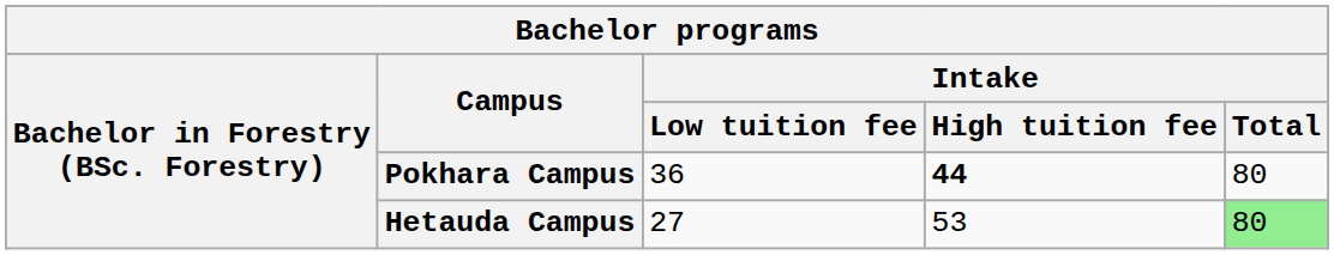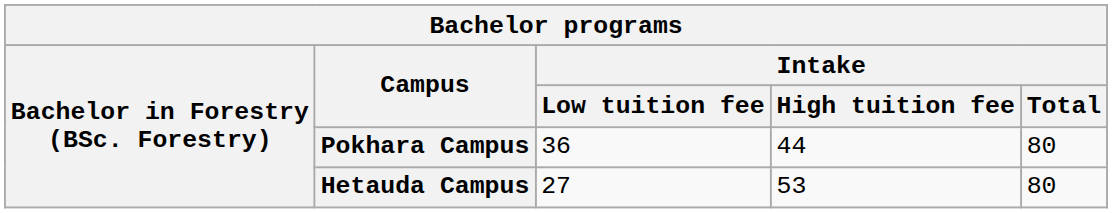 <table class="wikitable">
 <tr>
 <th colspan="5">Bachelor programs</th>
 </tr>
 <tr>
 <th rowspan="4">Bachelor in Forestry<br>(BSc. Forestry)</th>
 <th rowspan="2">Campus</th>
 <th colspan="3">Intake</th>
 </tr>
 <tr>
 <th>Low tuition fee</th>
 <th>High tuition fee</th>
 <th>Total</th>
 </tr>
 <tr>
 <th>Pokhara Campus</th>
 <td>36</td>
-<td><strong>44</strong></td>
+<td>44</td>
 <td>80</td>
 </tr>
 <tr>
 <th>Hetauda Campus</th>
 <td>27</td>
 <td>53</td>
-<td style="background: lightgreen;">80</td>
+<td>80</td>
 </tr>
 </table>
